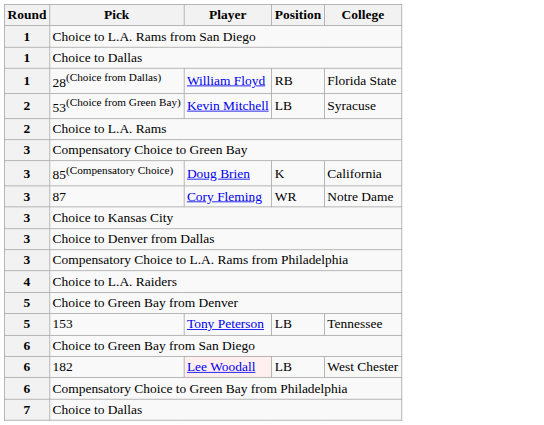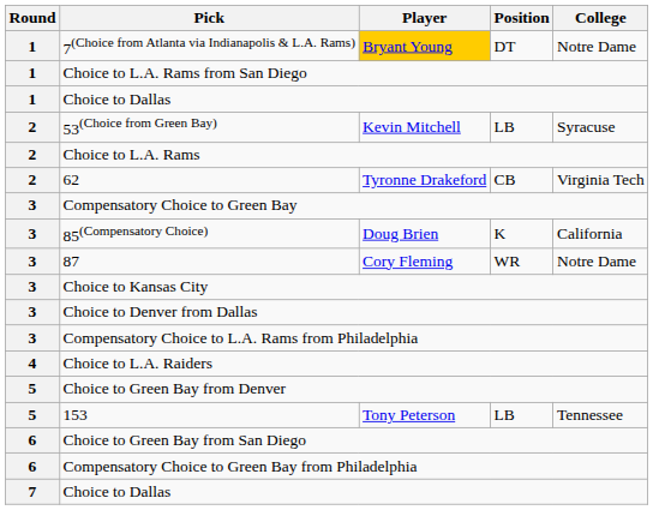 <table class="wikitable sortable sortable">
 <tr>
 <th>Round</th>
 <th>Pick</th>
 <th>Player</th>
 <th>Position</th>
 <th>College</th>
 </tr>
 <tr>
 <th>1</th>
+<td>7<sup>(Choice from Atlanta via Indianapolis & L.A. Rams)</sup></td>
+<td bgcolor="#FFCC00"><a href='#'>Bryant Young</a></td>
+<td>DT</td>
+<td>Notre Dame</td>
+</tr>
+<tr>
+<th>1</th>
 <td colspan="4">Choice to L.A. Rams from San Diego</td>
 </tr>
 <tr>
 <th>1</th>
 <td colspan="4">Choice to Dallas</td>
-</tr>
-<tr>
-<th>1</th>
-<td>28<sup>(Choice from Dallas)</sup></td>
-<td><a href='#'>William Floyd</a></td>
-<td>RB</td>
-<td>Florida State</td>
 </tr>
 <tr>
 <th>2</th>
 <td>53<sup>(Choice from Green Bay)</sup></td>
 <td><a href='#'>Kevin Mitchell</a></td>
 <td>LB</td>
 <td>Syracuse</td>
 </tr>
 <tr>
 <th>2</th>
 <td colspan="4">Choice to L.A. Rams</td>
+</tr>
+<tr>
+<th>2</th>
+<td>62</td>
+<td><a href='#'>Tyronne Drakeford</a></td>
+<td>CB</td>
+<td>Virginia Tech</td>
 </tr>
 <tr>
 <th>3</th>
 <td colspan="4">Compensatory Choice to Green Bay</td>
 </tr>
 <tr>
 <th>3</th>
 <td>85<sup>(Compensatory Choice)</sup></td>
 <td><a href='#'>Doug Brien</a></td>
 <td>K</td>
 <td>California</td>
 </tr>
 <tr>
 <th>3</th>
 <td>87</td>
 <td><a href='#'>Cory Fleming</a></td>
 <td>WR</td>
 <td>Notre Dame</td>
 </tr>
 <tr>
 <th>3</th>
 <td colspan="4">Choice to Kansas City</td>
 </tr>
 <tr>
 <th>3</th>
 <td colspan="4">Choice to Denver from Dallas</td>
 </tr>
 <tr>
 <th>3</th>
 <td colspan="4">Compensatory Choice to L.A. Rams from Philadelphia</td>
 </tr>
 <tr>
 <th>4</th>
 <td colspan="4">Choice to L.A. Raiders</td>
 </tr>
 <tr>
 <th>5</th>
 <td colspan="4">Choice to Green Bay from Denver</td>
 </tr>
 <tr>
 <th>5</th>
 <td>153</td>
 <td><a href='#'>Tony Peterson</a></td>
 <td>LB</td>
 <td>Tennessee</td>
 </tr>
 <tr>
 <th>6</th>
 <td colspan="4">Choice to Green Bay from San Diego</td>
 </tr>
 <tr>
 <th>6</th>
-<td>182</td>
-<td bgcolor="#FFEFEF"><a href='#'>Lee Woodall</a></td>
-<td>LB</td>
-<td>West Chester</td>
-</tr>
-<tr>
-<th>6</th>
 <td colspan="4">Compensatory Choice to Green Bay from Philadelphia</td>
 </tr>
 <tr>
 <th>7</th>
 <td colspan="4">Choice to Dallas</td>
 </tr>
 </table>
